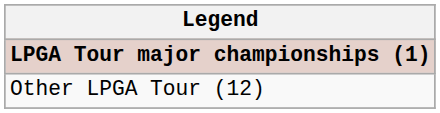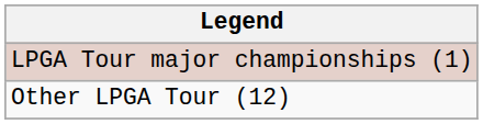 <table class="wikitable" style="font-size:95%;">
 <tr>
 <th>Legend</th>
 </tr>
 <tr style="background:#e5d1cb;">
-<td><strong>LPGA Tour major championships (1)</strong></td>
+<td>LPGA Tour major championships (1)</td>
 </tr>
 <tr>
 <td>Other LPGA Tour (12)</td>
 </tr>
 </table>
